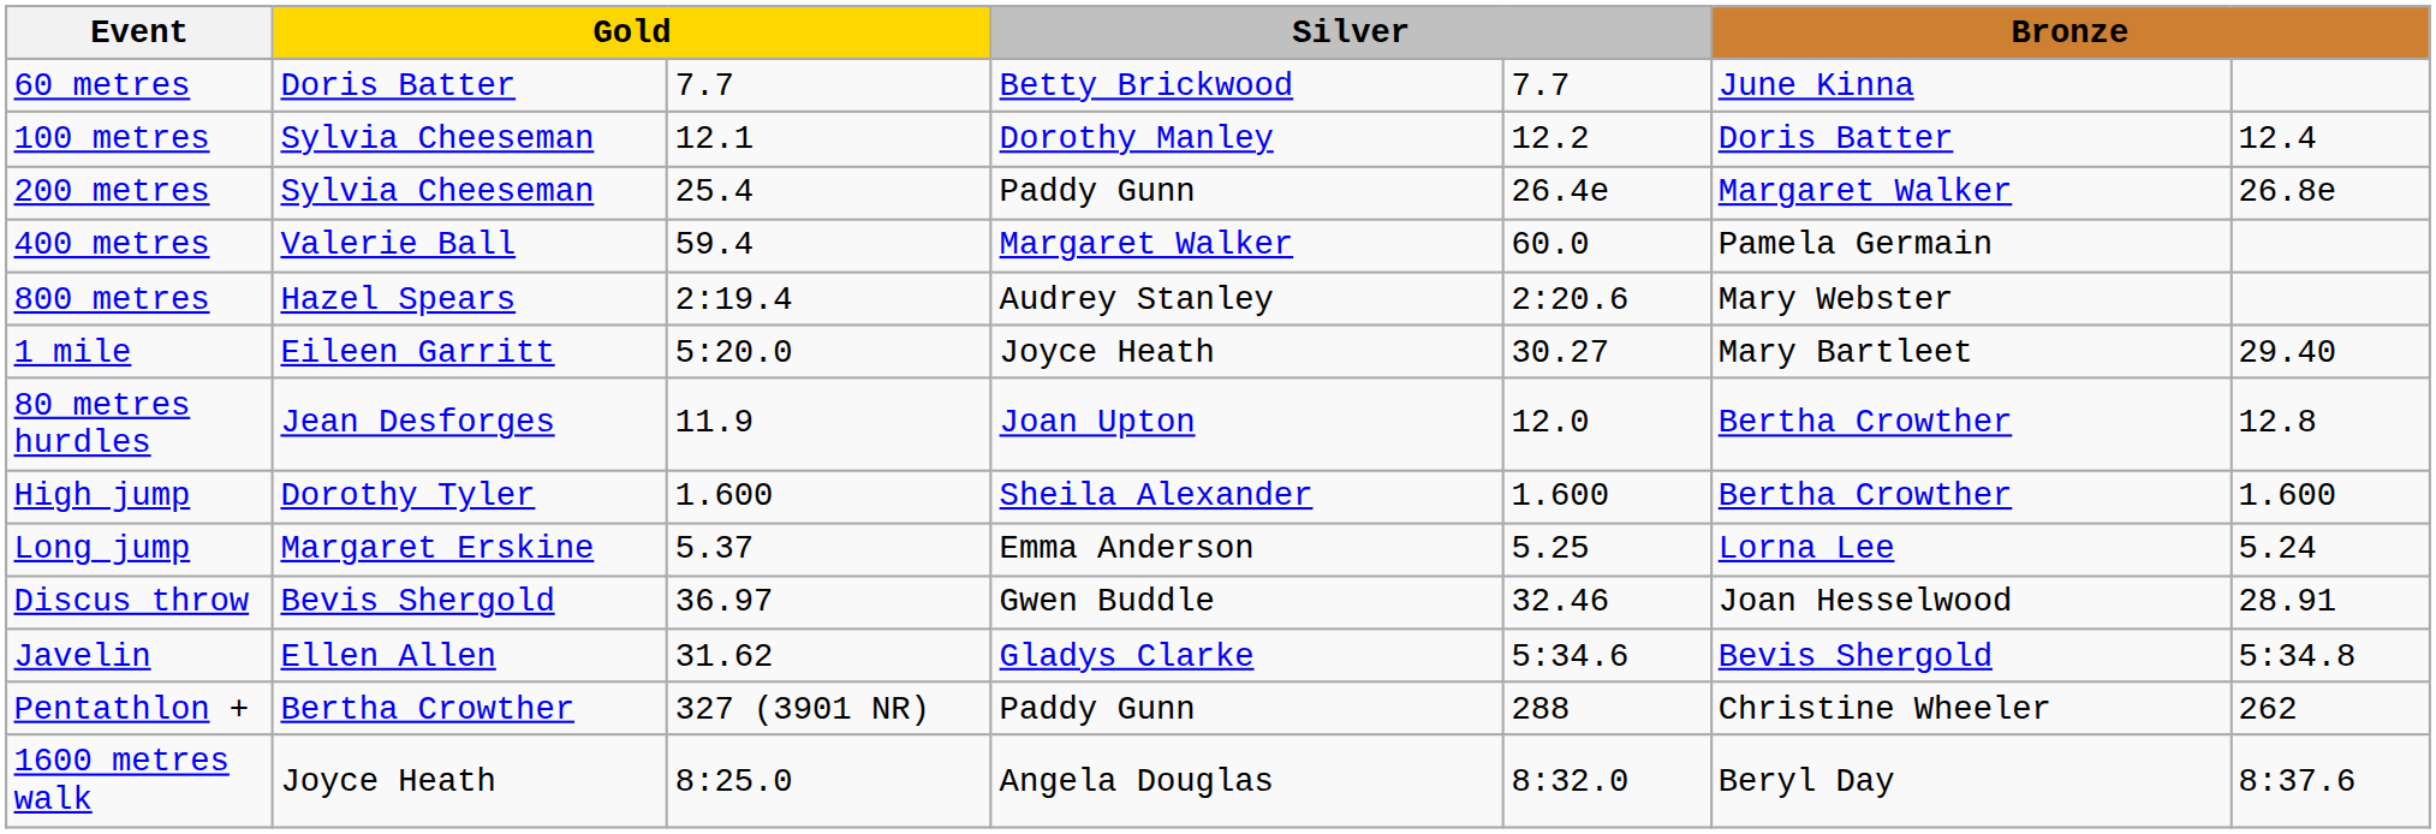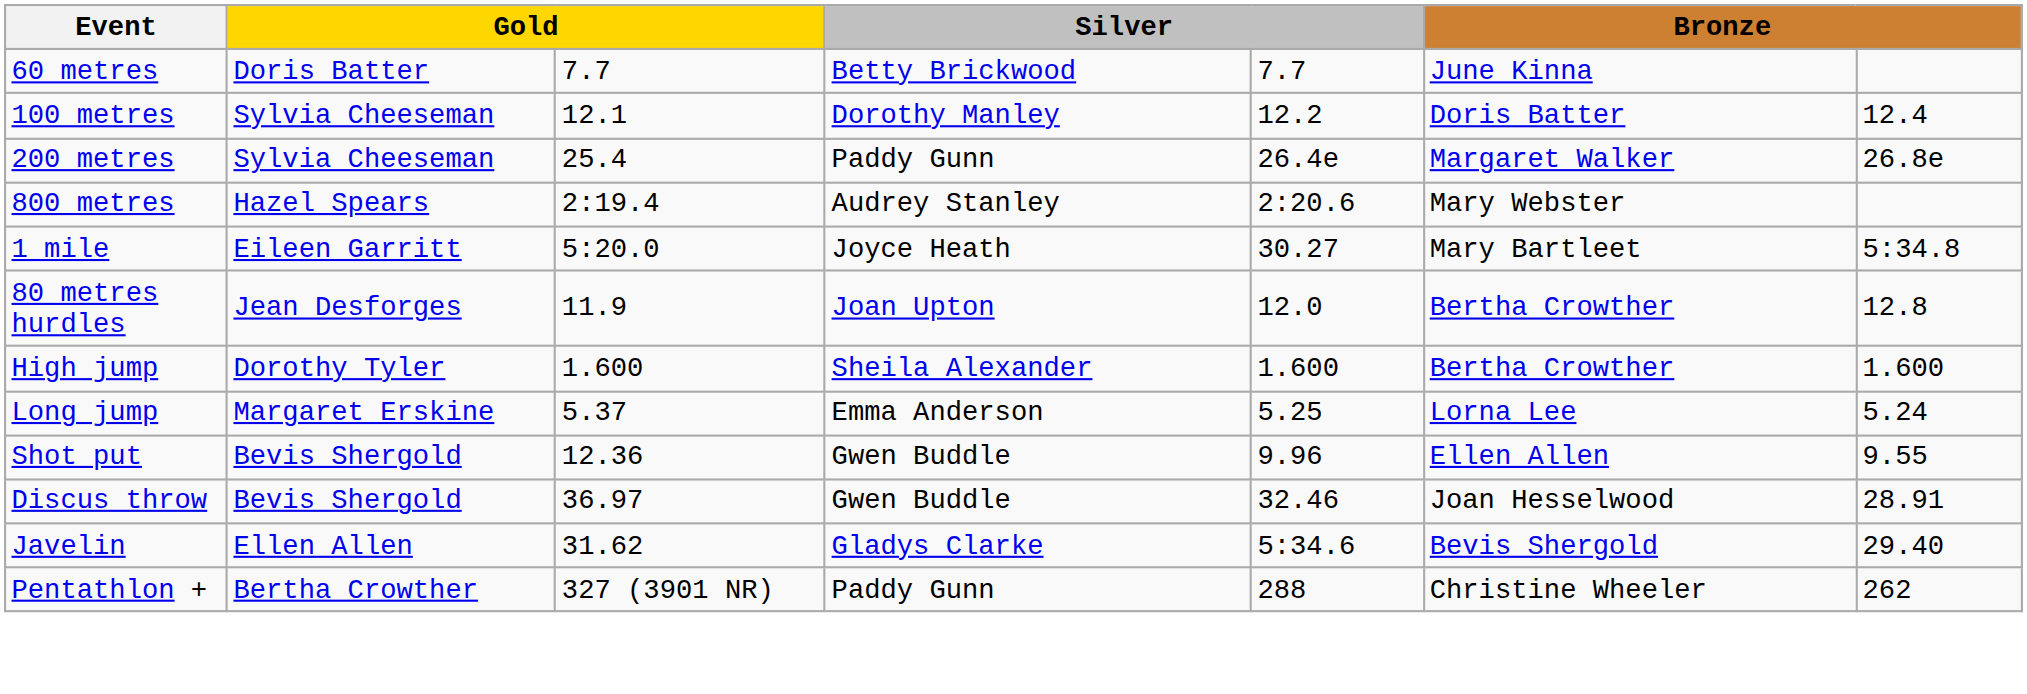 <table class="wikitable" style="text-align:left">
 <tr>
 <th width=100>Event</th>
 <th colspan="2" width="280" style="background:gold;">Gold</th>
 <th colspan="2" width="280" style="background:silver;">Silver</th>
 <th colspan="2" width="280" style="background:#CD7F32;">Bronze</th>
 </tr>
 <tr>
 <td><a href='#'>60 metres</a></td>
 <td><a href='#'>Doris Batter</a></td>
 <td>7.7</td>
 <td><a href='#'>Betty Brickwood</a></td>
 <td>7.7</td>
 <td><a href='#'>June Kinna</a></td>
 <td></td>
 </tr>
 <tr>
 <td><a href='#'>100 metres</a></td>
 <td><a href='#'>Sylvia Cheeseman</a></td>
 <td>12.1</td>
 <td><a href='#'>Dorothy Manley</a></td>
 <td>12.2</td>
 <td><a href='#'>Doris Batter</a></td>
 <td>12.4</td>
 </tr>
 <tr>
 <td><a href='#'>200 metres</a></td>
 <td><a href='#'>Sylvia Cheeseman</a></td>
 <td>25.4</td>
 <td>Paddy Gunn</td>
 <td>26.4e</td>
 <td><a href='#'>Margaret Walker</a></td>
 <td>26.8e</td>
 </tr>
 <tr>
-<td><a href='#'>400 metres</a></td>
-<td><a href='#'>Valerie Ball</a></td>
-<td>59.4</td>
-<td><a href='#'>Margaret Walker</a></td>
-<td>60.0</td>
-<td>Pamela Germain</td>
-<td></td>
-</tr>
-<tr>
 <td><a href='#'>800 metres</a></td>
 <td><a href='#'>Hazel Spears</a></td>
 <td>2:19.4</td>
 <td>Audrey Stanley</td>
 <td>2:20.6</td>
 <td>Mary Webster</td>
 <td></td>
 </tr>
 <tr>
 <td><a href='#'>1 mile</a></td>
 <td><a href='#'>Eileen Garritt</a></td>
 <td>5:20.0</td>
 <td>Joyce Heath</td>
 <td>30.27</td>
 <td>Mary Bartleet</td>
-<td>29.40</td>
+<td>5:34.8</td>
 </tr>
 <tr>
 <td><a href='#'>80 metres hurdles</a></td>
 <td><a href='#'>Jean Desforges</a></td>
 <td>11.9</td>
 <td><a href='#'>Joan Upton</a></td>
 <td>12.0</td>
 <td><a href='#'>Bertha Crowther</a></td>
 <td>12.8</td>
 </tr>
 <tr>
 <td><a href='#'>High jump</a></td>
 <td><a href='#'>Dorothy Tyler</a></td>
 <td>1.600</td>
 <td><a href='#'>Sheila Alexander</a></td>
 <td>1.600</td>
 <td><a href='#'>Bertha Crowther</a></td>
 <td>1.600</td>
 </tr>
 <tr>
 <td><a href='#'>Long jump</a></td>
 <td> <a href='#'>Margaret Erskine</a></td>
 <td>5.37</td>
 <td> Emma Anderson</td>
 <td>5.25</td>
 <td><a href='#'>Lorna Lee</a></td>
 <td>5.24</td>
 </tr>
 <tr>
+<td><a href='#'>Shot put</a></td>
+<td><a href='#'>Bevis Shergold</a></td>
+<td>12.36</td>
+<td>Gwen Buddle</td>
+<td>9.96</td>
+<td><a href='#'>Ellen Allen</a></td>
+<td>9.55</td>
+</tr>
+<tr>
 <td><a href='#'>Discus throw</a></td>
 <td><a href='#'>Bevis Shergold</a></td>
 <td>36.97</td>
 <td>Gwen Buddle</td>
 <td>32.46</td>
 <td>Joan Hesselwood</td>
 <td>28.91</td>
 </tr>
 <tr>
 <td><a href='#'>Javelin</a></td>
 <td><a href='#'>Ellen Allen</a></td>
 <td>31.62</td>
 <td><a href='#'>Gladys Clarke</a></td>
 <td>5:34.6</td>
 <td><a href='#'>Bevis Shergold</a></td>
-<td>5:34.8</td>
+<td>29.40</td>
 </tr>
 <tr>
 <td><a href='#'>Pentathlon</a> +</td>
 <td><a href='#'>Bertha Crowther</a></td>
 <td>327 (3901 NR)</td>
 <td>Paddy Gunn</td>
 <td>288</td>
 <td>Christine Wheeler</td>
 <td>262</td>
 </tr>
-<tr>
-<td><a href='#'>1600 metres walk</a></td>
-<td>Joyce Heath</td>
-<td>8:25.0</td>
-<td>Angela Douglas</td>
-<td>8:32.0</td>
-<td>Beryl Day</td>
-<td>8:37.6</td>
-</tr>
 </table>
